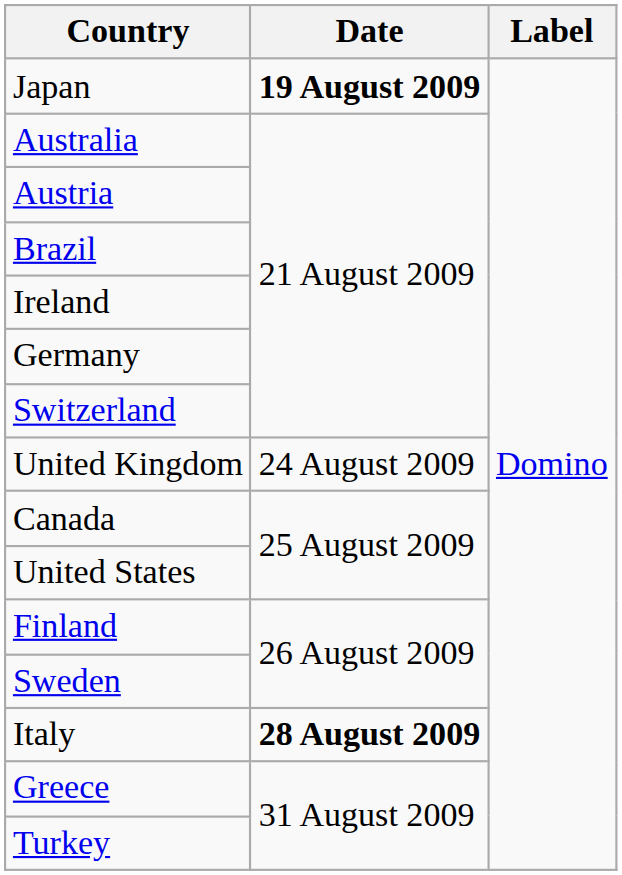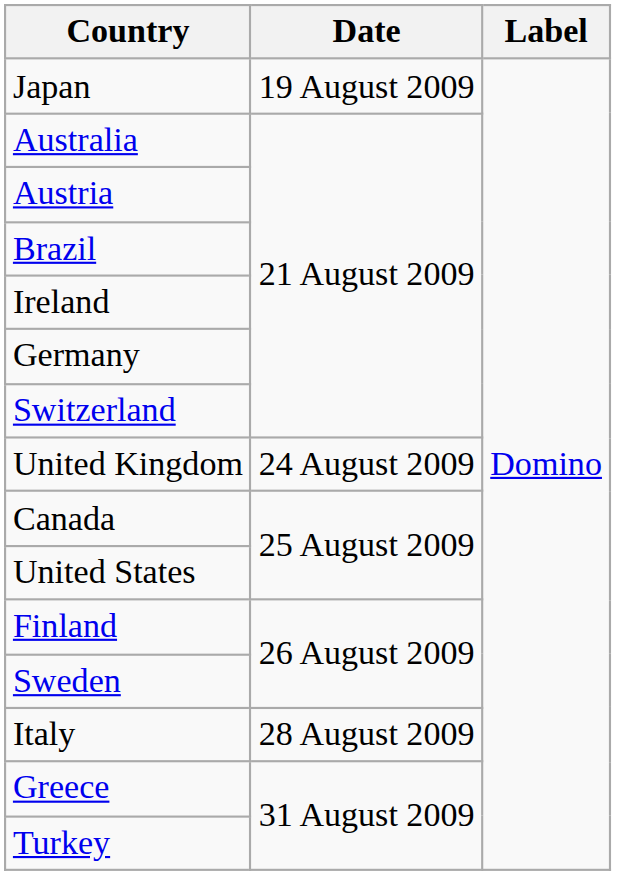 <table class="wikitable">
 <tr>
 <th>Country</th>
 <th>Date</th>
 <th>Label</th>
 </tr>
 <tr>
 <td>Japan</td>
-<td><strong>19 August 2009</strong></td>
+<td>19 August 2009</td>
 <td rowspan="15"><a href='#'>Domino</a></td>
 </tr>
 <tr>
 <td><a href='#'>Australia</a></td>
 <td rowspan="6">21 August 2009</td>
 </tr>
 <tr>
 <td><a href='#'>Austria</a></td>
 </tr>
 <tr>
 <td><a href='#'>Brazil</a></td>
 </tr>
 <tr>
 <td>Ireland</td>
 </tr>
 <tr>
 <td>Germany</td>
 </tr>
 <tr>
 <td><a href='#'>Switzerland</a></td>
 </tr>
 <tr>
 <td>United Kingdom</td>
 <td>24 August 2009</td>
 </tr>
 <tr>
 <td>Canada</td>
 <td rowspan="2">25 August 2009</td>
 </tr>
 <tr>
 <td>United States</td>
 </tr>
 <tr>
 <td><a href='#'>Finland</a></td>
 <td rowspan="2">26 August 2009</td>
 </tr>
 <tr>
 <td><a href='#'>Sweden</a></td>
 </tr>
 <tr>
 <td>Italy</td>
-<td><strong>28 August 2009</strong></td>
+<td>28 August 2009</td>
 </tr>
 <tr>
 <td><a href='#'>Greece</a></td>
 <td rowspan="2">31 August 2009</td>
 </tr>
 <tr>
 <td><a href='#'>Turkey</a></td>
 </tr>
 </table>
